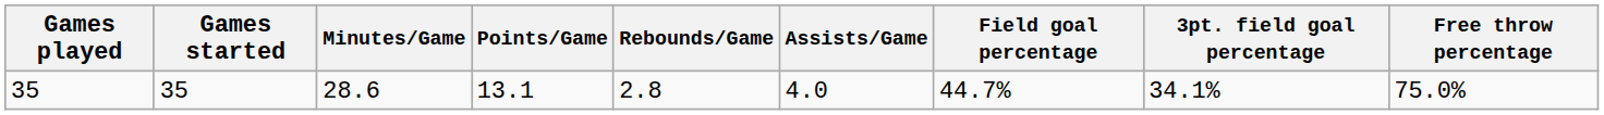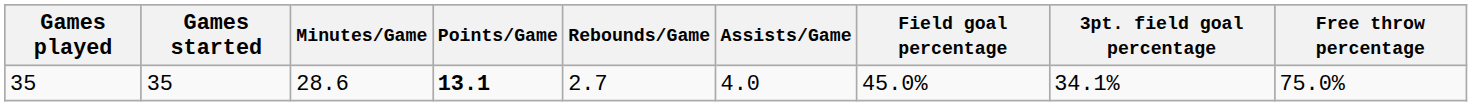 <table class="wikitable">
 <tr>
 <th>Games played</th>
 <th>Games started</th>
 <th><small>Minutes/Game</small></th>
 <th><small>Points/Game</small></th>
 <th><small>Rebounds/Game</small></th>
 <th><small>Assists/Game</small></th>
 <th><small>Field goal percentage</small></th>
 <th><small>3pt. field goal percentage</small></th>
 <th><small>Free throw percentage</small></th>
 </tr>
 <tr>
 <td>35</td>
 <td>35</td>
 <td>28.6</td>
-<td>13.1</td>
-<td>2.8</td>
+<td><strong>13.1</strong></td>
+<td>2.7</td>
 <td>4.0</td>
-<td>44.7%</td>
+<td>45.0%</td>
 <td>34.1%</td>
 <td>75.0%</td>
 </tr>
 </table>
